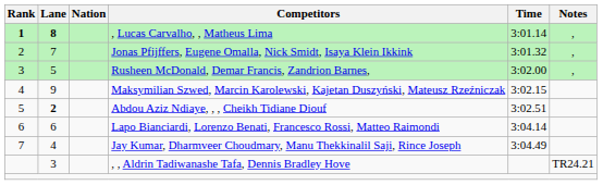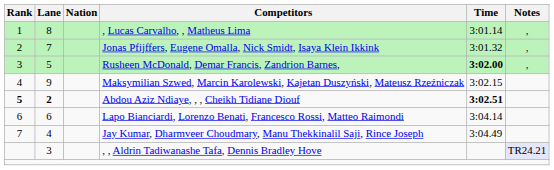 <table class="wikitable sortable" style="text-align:center">
 <tr>
 <th>Rank</th>
 <th>Lane</th>
 <th>Nation</th>
 <th>Competitors</th>
 <th>Time</th>
 <th>Notes</th>
 </tr>
 <tr bgcolor="#bbf3bb">
-<td><strong>1</strong></td>
-<td><strong>8</strong></td>
+<td>1</td>
+<td>8</td>
 <td align="left"></td>
 <td align="left">, <a href='#'>Lucas Carvalho</a>, , <a href='#'>Matheus Lima</a></td>
 <td>3:01.14</td>
 <td>, </td>
 </tr>
 <tr bgcolor="#bbf3bb">
 <td>2</td>
 <td>7</td>
 <td align="left"></td>
 <td align="left"><a href='#'>Jonas Pfijffers</a>, <a href='#'>Eugene Omalla</a>, <a href='#'>Nick Smidt</a>, <a href='#'>Isaya Klein Ikkink</a></td>
 <td>3:01.32</td>
 <td>, </td>
 </tr>
 <tr bgcolor="#bbf3bb">
 <td>3</td>
 <td>5</td>
 <td align="left"></td>
 <td align="left"><a href='#'>Rusheen McDonald</a>, <a href='#'>Demar Francis</a>, <a href='#'>Zandrion Barnes</a>, </td>
-<td>3:02.00</td>
+<td><strong>3:02.00</strong></td>
 <td>, </td>
 </tr>
 <tr>
 <td>4</td>
 <td>9</td>
 <td align="left"></td>
 <td align="left"><a href='#'>Maksymilian Szwed</a>, <a href='#'>Marcin Karolewski</a>, <a href='#'>Kajetan Duszyński</a>, <a href='#'>Mateusz Rzeźniczak</a></td>
 <td>3:02.15</td>
 <td></td>
 </tr>
 <tr>
-<td>5</td>
+<td><strong>5</strong></td>
 <td><strong>2</strong></td>
 <td align="left"></td>
 <td align="left"><a href='#'>Abdou Aziz Ndiaye</a>, , , <a href='#'>Cheikh Tidiane Diouf</a></td>
-<td>3:02.51</td>
+<td><strong>3:02.51</strong></td>
 <td></td>
 </tr>
 <tr>
 <td>6</td>
 <td>6</td>
 <td align="left"></td>
 <td align="left"><a href='#'>Lapo Bianciardi</a>, <a href='#'>Lorenzo Benati</a>, <a href='#'>Francesco Rossi</a>, <a href='#'>Matteo Raimondi</a></td>
 <td>3:04.14</td>
 <td></td>
 </tr>
 <tr>
 <td>7</td>
 <td>4</td>
 <td align="left"></td>
 <td align="left"><a href='#'>Jay Kumar</a>, <a href='#'>Dharmveer Choudmary</a>, <a href='#'>Manu Thekkinalil Saji</a>, <a href='#'>Rince Joseph</a></td>
 <td align="left">3:04.49</td>
 <td></td>
 </tr>
 <tr>
 <td></td>
 <td>3</td>
 <td align="left"></td>
 <td align="left">, , <a href='#'>Aldrin Tadiwanashe Tafa</a>, <a href='#'>Dennis Bradley Hove</a></td>
 <td></td>
-<td>TR24.21</td>
+<td style="background: lavender;">TR24.21</td>
 </tr>
 <tr class="sortbottom">
 <td colspan="6"></td>
 </tr>
 </table>
